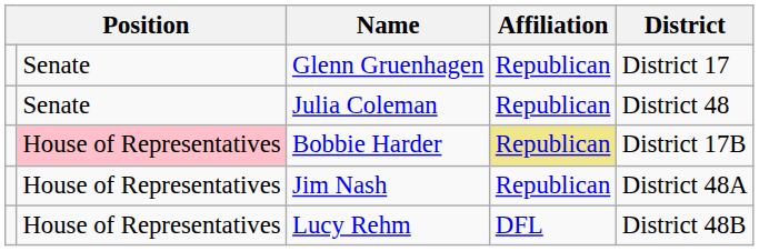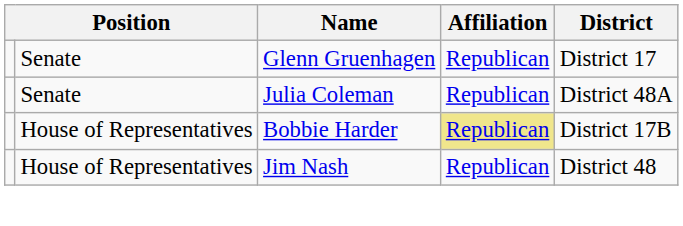 <table class="wikitable">
 <tr>
 <th colspan="2">Position</th>
 <th>Name</th>
 <th>Affiliation</th>
 <th>District</th>
 </tr>
 <tr>
 <td style="background-color:"></td>
 <td>Senate</td>
 <td><a href='#'>Glenn Gruenhagen</a></td>
 <td><a href='#'>Republican</a></td>
 <td>District 17</td>
 </tr>
 <tr>
 <td style="background-color:"></td>
 <td>Senate</td>
 <td><a href='#'>Julia Coleman</a></td>
 <td><a href='#'>Republican</a></td>
-<td>District 48</td>
+<td>District 48A</td>
 </tr>
 <tr>
 <td style="background-color:"></td>
-<td style="background: pink;">House of Representatives</td>
+<td>House of Representatives</td>
 <td><a href='#'>Bobbie Harder</a></td>
 <td style="background: khaki;"><a href='#'>Republican</a></td>
 <td>District 17B</td>
 </tr>
 <tr>
 <td style="background-color:"></td>
 <td>House of Representatives</td>
 <td><a href='#'>Jim Nash</a></td>
 <td><a href='#'>Republican</a></td>
-<td>District 48A</td>
-</tr>
-<tr>
-<td style="background-color:"></td>
-<td>House of Representatives</td>
-<td><a href='#'>Lucy Rehm</a></td>
-<td><a href='#'>DFL</a></td>
-<td>District 48B</td>
+<td>District 48</td>
 </tr>
 </table>
